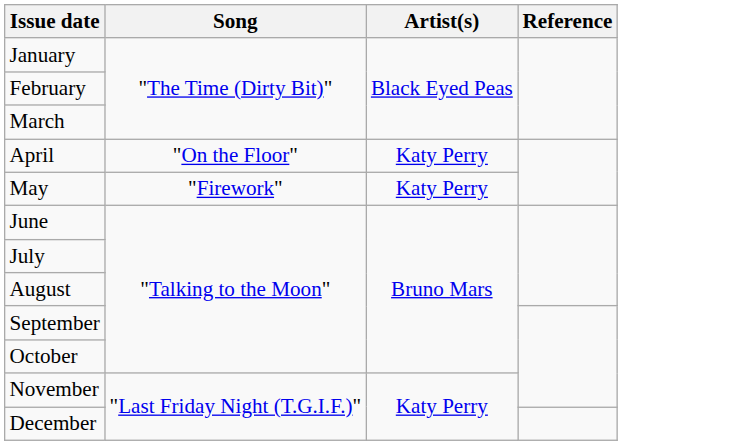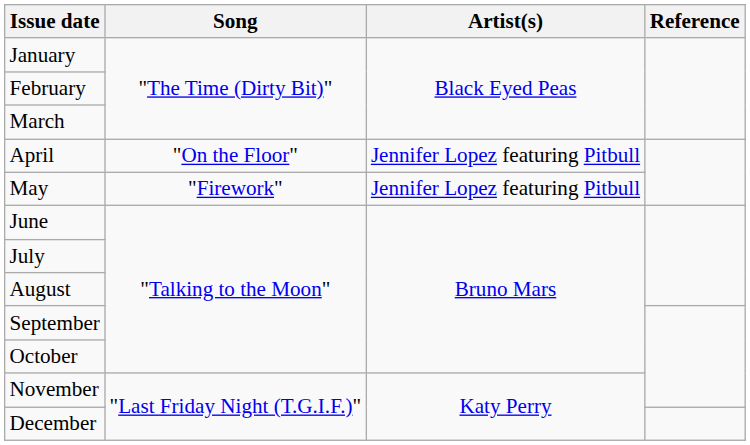 <table class="wikitable">
 <tr>
 <th style="text-align: center;">Issue date</th>
 <th style="text-align: center;">Song</th>
 <th style="text-align: center;">Artist(s)</th>
 <th style="text-align: center;">Reference</th>
 </tr>
 <tr>
 <td>January</td>
 <td style="text-align: center;" rowspan="3">"<a href='#'>The Time (Dirty Bit)</a>"</td>
 <td style="text-align: center;" rowspan="3"><a href='#'>Black Eyed Peas</a></td>
 <td style="text-align: center;" rowspan="3"></td>
 </tr>
 <tr>
 <td>February</td>
 </tr>
 <tr>
 <td>March</td>
 </tr>
 <tr>
 <td>April</td>
 <td style="text-align: center;">"<a href='#'>On the Floor</a>"</td>
-<td style="text-align: center;"><a href='#'>Katy Perry</a></td>
+<td style="text-align: center"><a href='#'>Jennifer Lopez</a> featuring <a href='#'>Pitbull</a></td>
 <td rowspan="2"></td>
 </tr>
 <tr>
 <td>May</td>
 <td style="text-align: center;">"<a href='#'>Firework</a>"</td>
-<td style="text-align: center;"><a href='#'>Katy Perry</a></td>
+<td style="text-align: center"><a href='#'>Jennifer Lopez</a> featuring <a href='#'>Pitbull</a></td>
 </tr>
 <tr>
 <td>June</td>
 <td style="text-align: center;" rowspan="5">"<a href='#'>Talking to the Moon</a>"</td>
 <td style="text-align: center;" rowspan="5"><a href='#'>Bruno Mars</a></td>
 <td style="text-align: center;" rowspan="3"></td>
 </tr>
 <tr>
 <td>July</td>
 </tr>
 <tr>
 <td>August</td>
 </tr>
 <tr>
 <td>September</td>
 <td rowspan=3></td>
 </tr>
 <tr>
 <td>October</td>
 </tr>
 <tr>
 <td>November</td>
 <td style="text-align: center;" rowspan="2">"<a href='#'>Last Friday Night (T.G.I.F.)</a>"</td>
 <td style="text-align: center;" rowspan="2"><a href='#'>Katy Perry</a></td>
 </tr>
 <tr>
 <td>December</td>
 <td style="text-align: center;"></td>
 </tr>
 </table>
